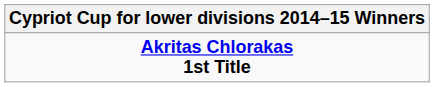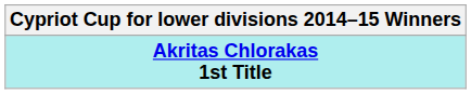 <table class="wikitable" style="text-align: center; margin: 0 auto;">
 <tr>
 <th>Cypriot Cup for lower divisions 2014–15 Winners</th>
 </tr>
 <tr>
 </tr>
 <tr>
-<td><strong><a href='#'>Akritas Chlorakas</a></strong><br><strong>1st Title</strong></td>
+<td style="background: paleturquoise;"><strong><a href='#'>Akritas Chlorakas</a></strong><br><strong>1st Title</strong></td>
 </tr>
 </table>
